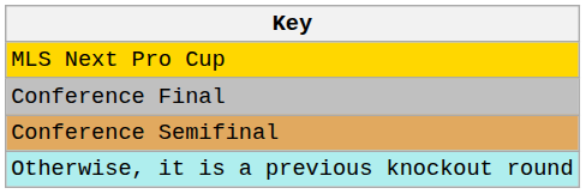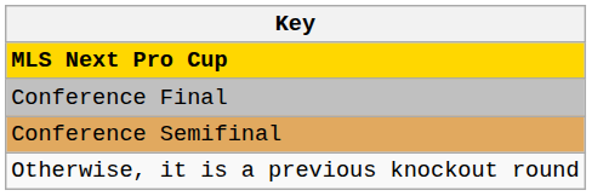 <table class="wikitable">
 <tr>
 <th colspan=2>Key</th>
 </tr>
 <tr>
-<td style="background: gold">MLS Next Pro Cup</td>
+<td style="background: gold"><strong>MLS Next Pro Cup</strong></td>
 </tr>
 <tr>
 <td style="background: silver">Conference Final</td>
 </tr>
 <tr>
 <td style="background: #E1A95F">Conference Semifinal</td>
 </tr>
 <tr>
-<td style="background: paleturquoise;">Otherwise, it is a previous knockout round</td>
+<td>Otherwise, it is a previous knockout round</td>
 </tr>
 </table>
